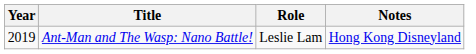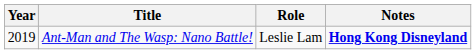 <table class="wikitable sortable">
 <tr align="center">
 <th>Year</th>
 <th>Title</th>
 <th>Role</th>
 <th class="unsortable">Notes</th>
 </tr>
 <tr>
 <td rowspan="3">2019</td>
 <td><em><a href='#'>Ant-Man and The Wasp: Nano Battle!</a></em></td>
 <td>Leslie Lam</td>
-<td><a href='#'>Hong Kong Disneyland</a></td>
+<td><strong><a href='#'>Hong Kong Disneyland</a></strong></td>
 </tr>
 </table>
